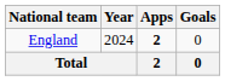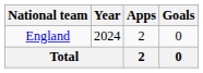 <table class="wikitable" style="text-align:center">
 <tr>
 <th>National team</th>
 <th>Year</th>
 <th>Apps</th>
 <th>Goals</th>
 </tr>
 <tr>
 <td rowspan="1"><a href='#'>England</a></td>
 <td>2024</td>
-<td><strong>2</strong></td>
+<td>2</td>
 <td>0</td>
 </tr>
 <tr>
 <th colspan="2">Total</th>
 <th>2</th>
 <th>0</th>
 </tr>
 </table>
